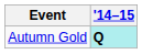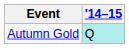 <table class="wikitable">
 <tr>
 <th>Event</th>
 <th><a href='#'>'14–15</a></th>
 </tr>
 <tr>
 <td><a href='#'>Autumn Gold</a></td>
-<td style="background:#afeeee;"><strong>Q</strong></td>
+<td style="background:#afeeee;">Q</td>
 </tr>
 </table>
